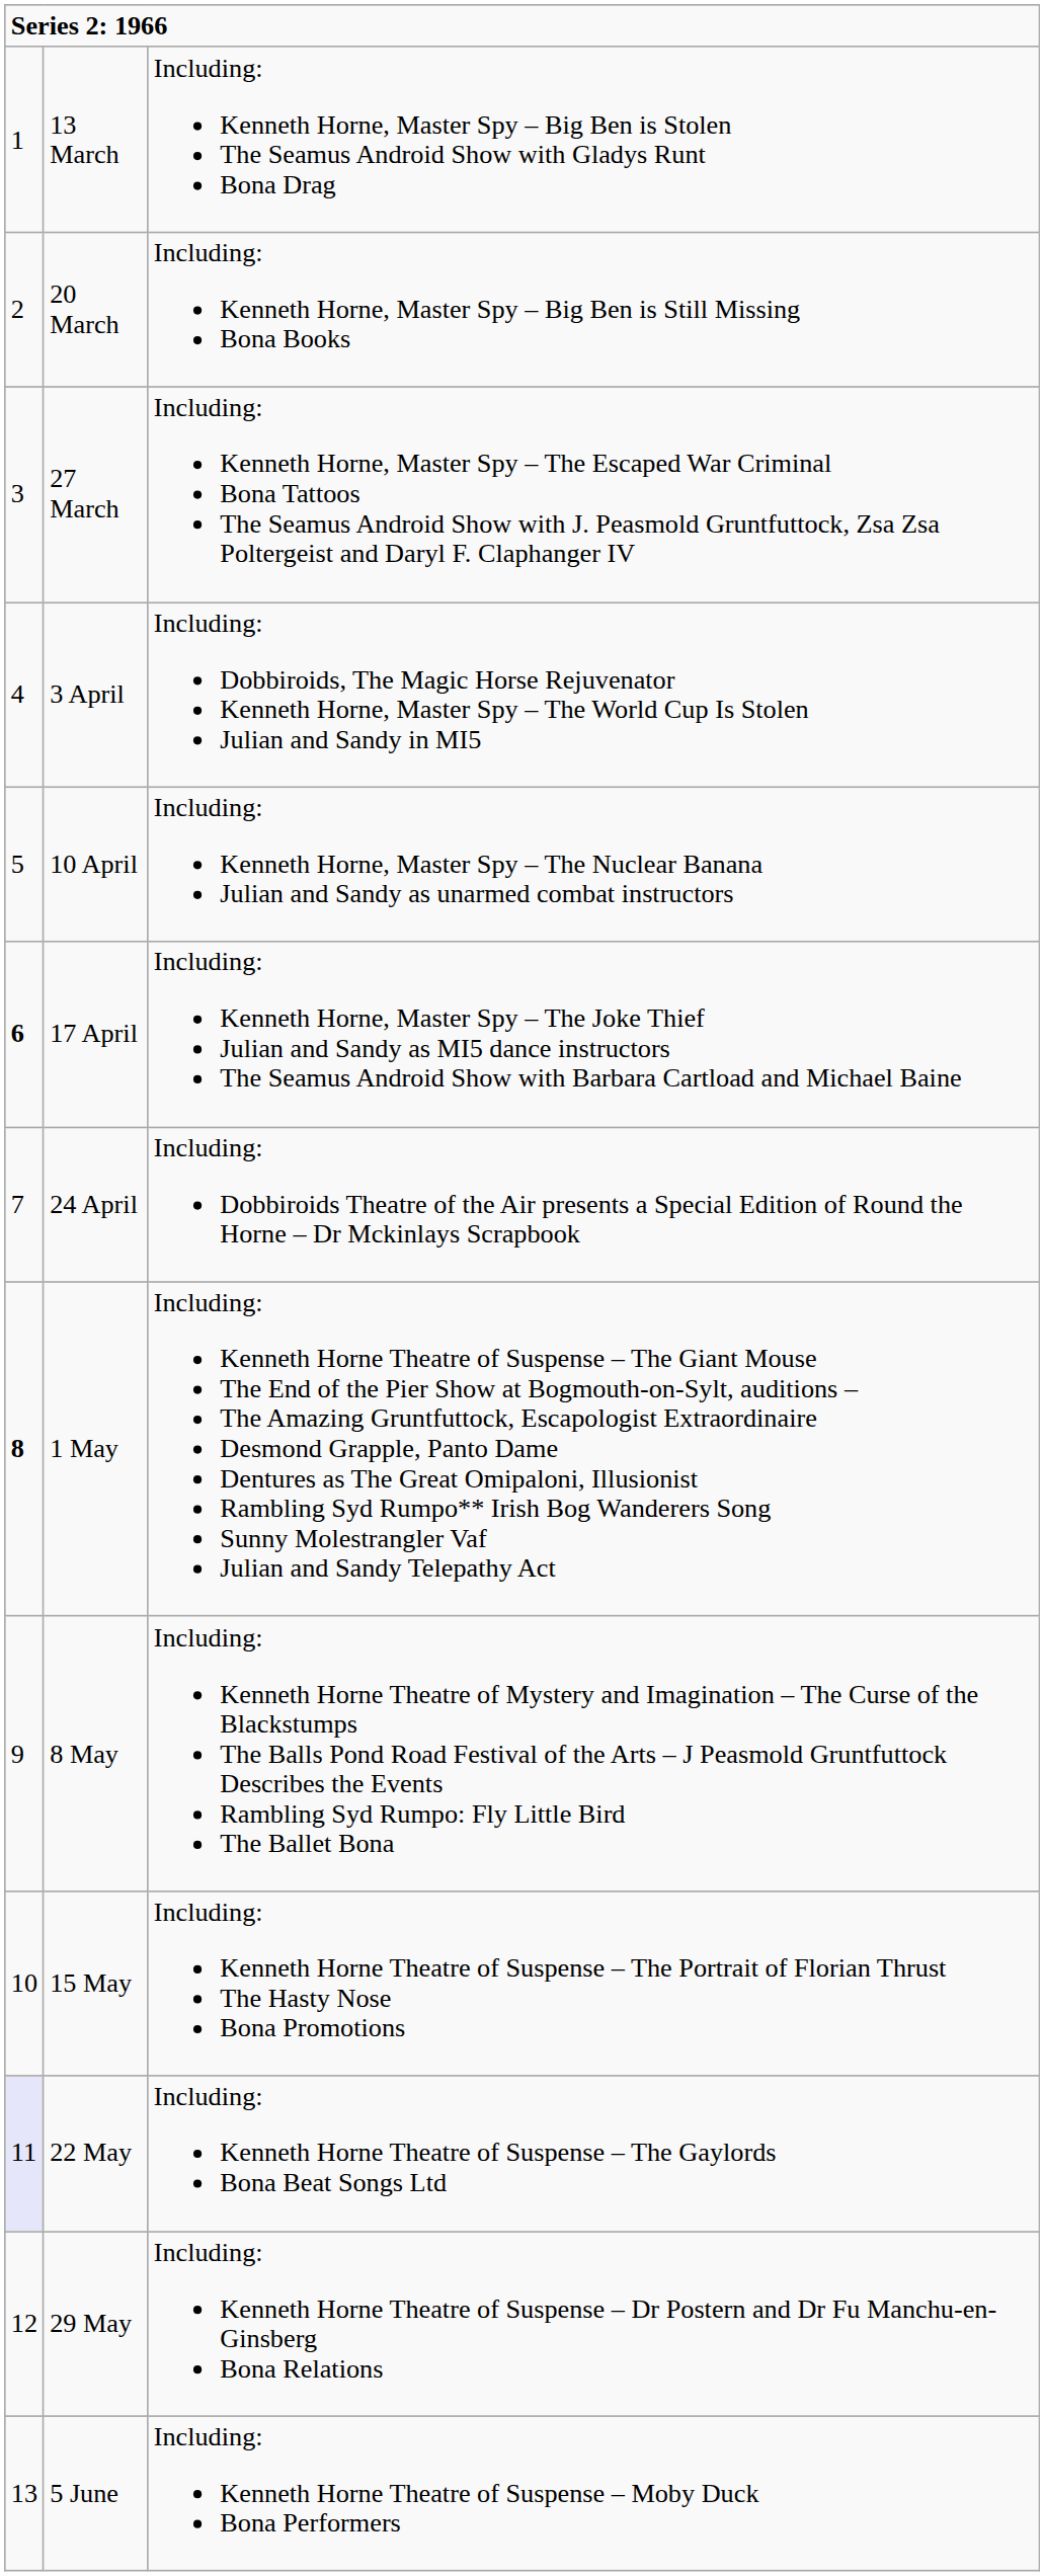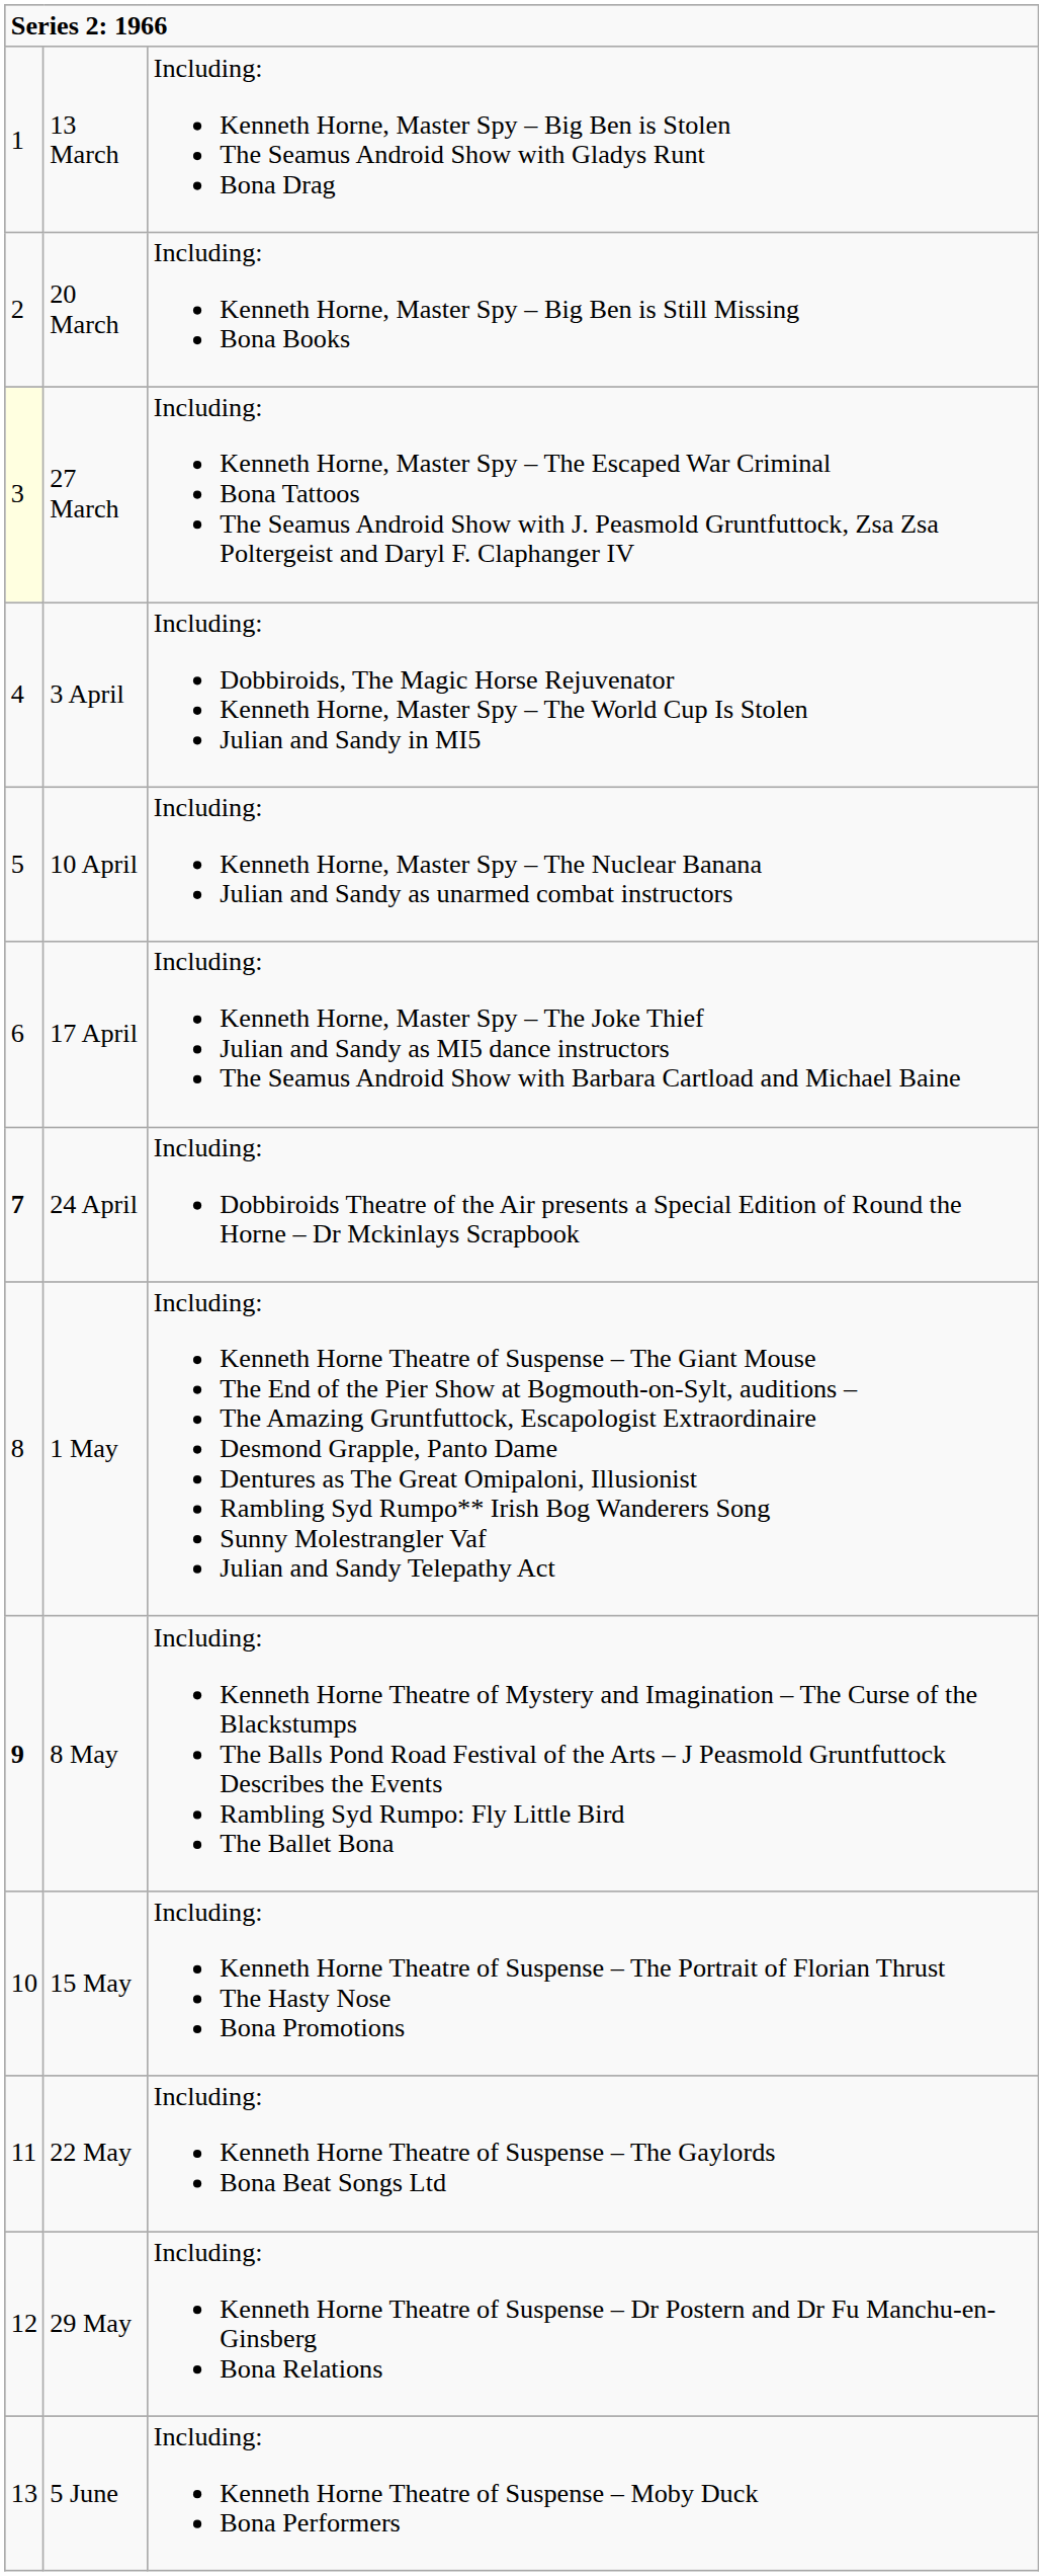 <table class="wikitable sortable plainrowheaders" style="text-align: left; margin-right: 0;">
 <tr>
 <td colspan="3"><strong>Series 2: 1966</strong></td>
 </tr>
 <tr>
 <td>1</td>
 <td>13 March</td>
 <td>Including:<br><ul><li>Kenneth Horne, Master Spy – Big Ben is Stolen</li><li>The Seamus Android Show with Gladys Runt</li><li>Bona Drag</li></ul></td>
 </tr>
 <tr>
 <td>2</td>
 <td>20 March</td>
 <td>Including:<br><ul><li>Kenneth Horne, Master Spy – Big Ben is Still Missing</li><li>Bona Books</li></ul></td>
 </tr>
 <tr>
-<td>3</td>
+<td style="background: lightyellow;">3</td>
 <td>27 March</td>
 <td>Including:<br><ul><li>Kenneth Horne, Master Spy – The Escaped War Criminal</li><li>Bona Tattoos</li><li>The Seamus Android Show with J. Peasmold Gruntfuttock, Zsa Zsa Poltergeist and Daryl F. Claphanger IV</li></ul></td>
 </tr>
 <tr>
 <td>4</td>
 <td>3 April</td>
 <td>Including:<br><ul><li>Dobbiroids, The Magic Horse Rejuvenator</li><li>Kenneth Horne, Master Spy – The World Cup Is Stolen</li><li>Julian and Sandy in MI5</li></ul></td>
 </tr>
 <tr>
 <td>5</td>
 <td>10 April</td>
 <td>Including:<br><ul><li>Kenneth Horne, Master Spy – The Nuclear Banana</li><li>Julian and Sandy as unarmed combat instructors</li></ul></td>
 </tr>
 <tr>
-<td><strong>6</strong></td>
+<td>6</td>
 <td>17 April</td>
 <td>Including:<br><ul><li>Kenneth Horne, Master Spy – The Joke Thief</li><li>Julian and Sandy as MI5 dance instructors</li><li>The Seamus Android Show with Barbara Cartload and Michael Baine</li></ul></td>
 </tr>
 <tr>
-<td>7</td>
+<td><strong>7</strong></td>
 <td>24 April</td>
 <td>Including:<br><ul><li>Dobbiroids Theatre of the Air presents a Special Edition of Round the Horne – Dr Mckinlays Scrapbook</li></ul></td>
 </tr>
 <tr>
-<td><strong>8</strong></td>
+<td>8</td>
 <td>1 May</td>
 <td>Including:<br><ul><li>Kenneth Horne Theatre of Suspense – The Giant Mouse</li><li>The End of the Pier Show at Bogmouth-on-Sylt, auditions –</li><li>The Amazing Gruntfuttock, Escapologist Extraordinaire</li><li>Desmond Grapple, Panto Dame</li><li>Dentures as The Great Omipaloni, Illusionist</li><li>Rambling Syd Rumpo** Irish Bog Wanderers Song</li><li>Sunny Molestrangler Vaf</li><li>Julian and Sandy Telepathy Act</li></ul></td>
 </tr>
 <tr>
-<td>9</td>
+<td><strong>9</strong></td>
 <td>8 May</td>
 <td>Including:<br><ul><li>Kenneth Horne Theatre of Mystery and Imagination – The Curse of the Blackstumps</li><li>The Balls Pond Road Festival of the Arts – J Peasmold Gruntfuttock Describes the Events</li><li>Rambling Syd Rumpo: Fly Little Bird</li><li>The Ballet Bona</li></ul></td>
 </tr>
 <tr>
 <td>10</td>
 <td>15 May</td>
 <td>Including:<br><ul><li>Kenneth Horne Theatre of Suspense – The Portrait of Florian Thrust</li><li>The Hasty Nose</li><li>Bona Promotions</li></ul></td>
 </tr>
 <tr>
-<td style="background: lavender;">11</td>
+<td>11</td>
 <td>22 May</td>
 <td>Including:<br><ul><li>Kenneth Horne Theatre of Suspense – The Gaylords</li><li>Bona Beat Songs Ltd</li></ul></td>
 </tr>
 <tr>
 <td>12</td>
 <td>29 May</td>
 <td>Including:<br><ul><li>Kenneth Horne Theatre of Suspense – Dr Postern and Dr Fu Manchu-en-Ginsberg</li><li>Bona Relations</li></ul></td>
 </tr>
 <tr>
 <td>13</td>
 <td>5 June</td>
 <td>Including:<br><ul><li>Kenneth Horne Theatre of Suspense – Moby Duck</li><li>Bona Performers</li></ul></td>
 </tr>
 </table>
